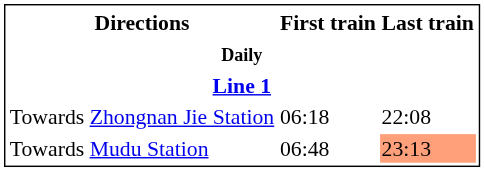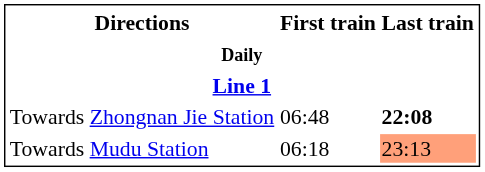 <table style="text-align:centre; font-size:95%; border:1px solid black">
 <tr>
 <th>Directions</th>
 <th>First train</th>
 <th>Last train</th>
 </tr>
 <tr>
 <th colspan="5" style="text-align:center"><small>Daily</small></th>
 </tr>
 <tr>
 <th colspan="8" style="background-color:#"><a href='#'>Line 1</a></th>
 </tr>
 <tr>
 <td>Towards <a href='#'>Zhongnan Jie Station</a></td>
-<td>06:18</td>
-<td>22:08</td>
+<td>06:48</td>
+<td><strong>22:08</strong></td>
 </tr>
 <tr>
 <td>Towards <a href='#'>Mudu Station</a></td>
-<td>06:48</td>
+<td>06:18</td>
 <td style="background: lightsalmon;">23:13</td>
 </tr>
 </table>
